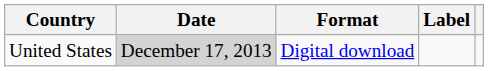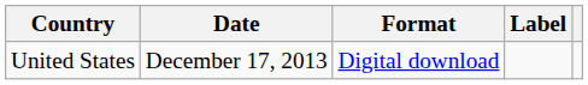 <table class="wikitable">
 <tr>
 <th>Country</th>
 <th>Date</th>
 <th>Format</th>
 <th>Label</th>
 <th></th>
 </tr>
 <tr>
 <td>United States</td>
-<td style="background: lightgrey;">December 17, 2013</td>
+<td>December 17, 2013</td>
 <td><a href='#'>Digital download</a></td>
 <td rowspan="4"></td>
 <td></td>
 </tr>
 </table>
